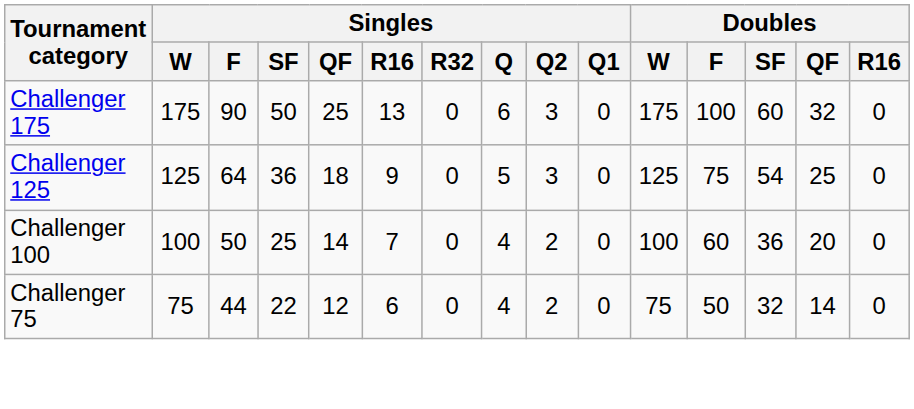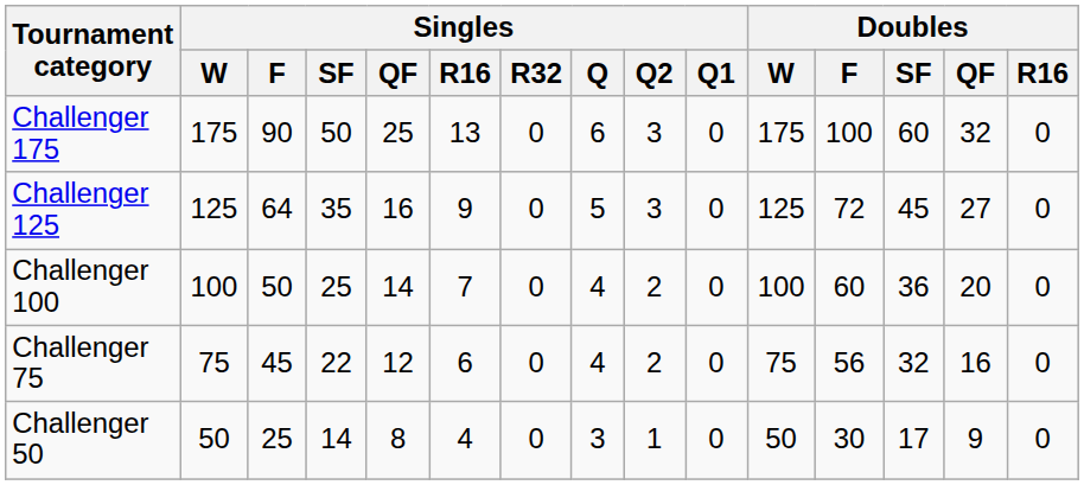 <table class="wikitable" style=text-align:center>
 <tr>
 <th rowspan=2 style="text-align:center;">Tournament category</th>
 <th colspan=9 style="te, xt-align:center;">Singles</th>
 <th colspan=5 style="text-align:center;">Doubles</th>
 </tr>
 <tr>
 <th width=40>W</th>
 <th width=40>F</th>
 <th width=40>SF</th>
 <th width=40>QF</th>
 <th width=40>R16</th>
 <th width=40>R32</th>
 <th width=40>Q</th>
 <th width=40>Q2</th>
 <th width=40>Q1</th>
 <th width=40>W</th>
 <th width=40>F</th>
 <th width=40>SF</th>
 <th width=40>QF</th>
 <th width=40>R16</th>
 </tr>
 <tr>
 <td style="text-align:left;"><a href='#'>Challenger 175</a></td>
 <td>175</td>
 <td>90</td>
 <td>50</td>
 <td>25</td>
 <td>13</td>
 <td>0</td>
 <td>6</td>
 <td>3</td>
 <td>0</td>
 <td>175</td>
 <td>100</td>
 <td>60</td>
 <td>32</td>
 <td>0</td>
 </tr>
 <tr>
 <td style="text-align:left;"><a href='#'>Challenger 125</a></td>
 <td>125</td>
 <td>64</td>
-<td>36</td>
-<td>18</td>
+<td>35</td>
+<td>16</td>
 <td>9</td>
 <td>0</td>
 <td>5</td>
 <td>3</td>
 <td>0</td>
 <td>125</td>
-<td>75</td>
-<td>54</td>
-<td>25</td>
+<td>72</td>
+<td>45</td>
+<td>27</td>
 <td>0</td>
 </tr>
 <tr>
 <td style="text-align:left;">Challenger 100</td>
 <td>100</td>
 <td>50</td>
 <td>25</td>
 <td>14</td>
 <td>7</td>
 <td>0</td>
 <td>4</td>
 <td>2</td>
 <td>0</td>
 <td>100</td>
 <td>60</td>
 <td>36</td>
 <td>20</td>
 <td>0</td>
 </tr>
 <tr>
 <td style="text-align:left;">Challenger 75</td>
 <td>75</td>
-<td>44</td>
+<td>45</td>
 <td>22</td>
 <td>12</td>
 <td>6</td>
 <td>0</td>
 <td>4</td>
 <td>2</td>
 <td>0</td>
 <td>75</td>
+<td>56</td>
+<td>32</td>
+<td>16</td>
+<td>0</td>
+</tr>
+<tr>
+<td style="text-align:left;">Challenger 50</td>
 <td>50</td>
-<td>32</td>
+<td>25</td>
 <td>14</td>
+<td>8</td>
+<td>4</td>
+<td>0</td>
+<td>3</td>
+<td>1</td>
+<td>0</td>
+<td>50</td>
+<td>30</td>
+<td>17</td>
+<td>9</td>
 <td>0</td>
 </tr>
 </table>
